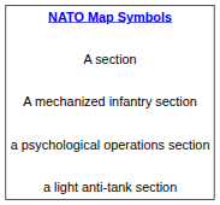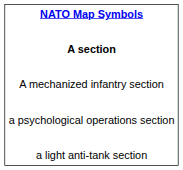 <table class="floatright" style="border:1px solid black; background:white;float: right;text-align: center" cellpadding="3">
 <tr>
 <th><a href='#'>NATO Map Symbols</a></th>
 </tr>
 <tr>
 <td><br></td>
 </tr>
 <tr>
-<td>A section</td>
+<td><strong>A section</strong></td>
 </tr>
 <tr>
 <td><br></td>
 </tr>
 <tr>
 <td>A mechanized infantry section</td>
 </tr>
 <tr>
 <td><br></td>
 </tr>
 <tr>
 <td>a psychological operations section</td>
 </tr>
 <tr>
 <td><br></td>
 </tr>
 <tr>
 <td>a light anti-tank section</td>
 </tr>
 </table>
